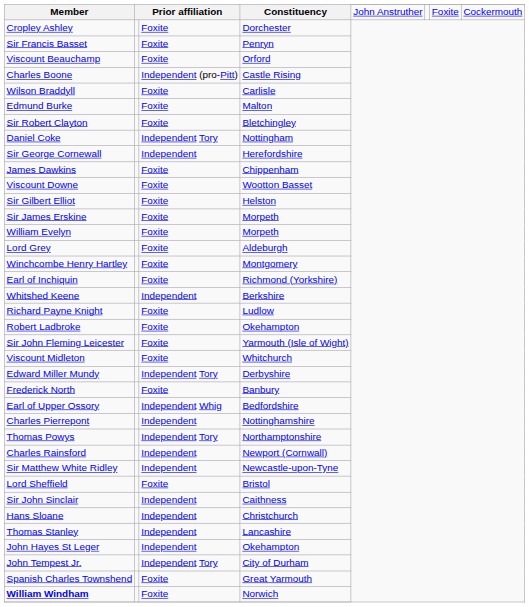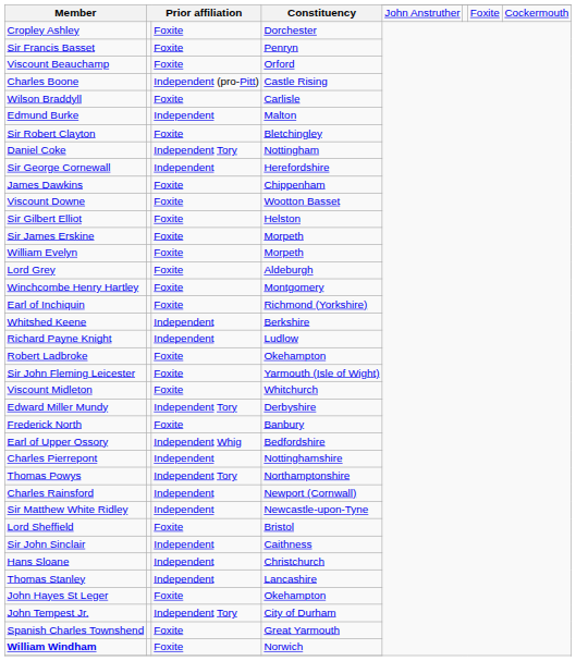 <table class="wikitable sortable col4center" id="elected-mps">
 <tr>
 <th rowspan=2>Member</th>
 <th rowspan=2 colspan=2>Prior affiliation</th>
 <th rowspan=2>Constituency</th>
 </tr>
 <tr>
 <td><a href='#'>John Anstruther</a></td>
 <td style="background-color: "></td>
 <td><a href='#'>Foxite</a></td>
 <td><a href='#'>Cockermouth</a></td>
 </tr>
 <tr>
 <td><a href='#'>Cropley Ashley</a></td>
 <td style="background-color: "></td>
 <td><a href='#'>Foxite</a></td>
 <td><a href='#'>Dorchester</a></td>
 </tr>
 <tr>
 <td><a href='#'>Sir Francis Basset</a></td>
 <td style="background-color: "></td>
 <td><a href='#'>Foxite</a></td>
 <td><a href='#'>Penryn</a></td>
 </tr>
 <tr>
 <td><a href='#'>Viscount Beauchamp</a></td>
 <td style="background-color: "></td>
 <td><a href='#'>Foxite</a></td>
 <td><a href='#'>Orford</a></td>
 </tr>
 <tr>
 <td><a href='#'>Charles Boone</a></td>
 <td style="background-color: "></td>
 <td><a href='#'>Independent</a> (pro-<a href='#'>Pitt</a>)</td>
 <td><a href='#'>Castle Rising</a></td>
 </tr>
 <tr>
 <td><a href='#'>Wilson Braddyll</a></td>
 <td style="background-color: "></td>
 <td><a href='#'>Foxite</a></td>
 <td><a href='#'>Carlisle</a></td>
 </tr>
 <tr>
 <td><a href='#'>Edmund Burke</a></td>
 <td style="background-color: "></td>
-<td><a href='#'>Foxite</a></td>
+<td><a href='#'>Independent</a></td>
 <td><a href='#'>Malton</a></td>
 </tr>
 <tr>
 <td><a href='#'>Sir Robert Clayton</a></td>
 <td style="background-color: "></td>
 <td><a href='#'>Foxite</a></td>
 <td><a href='#'>Bletchingley</a></td>
 </tr>
 <tr>
 <td><a href='#'>Daniel Coke</a></td>
 <td style="background-color: "></td>
 <td><a href='#'>Independent</a> <a href='#'>Tory</a></td>
 <td><a href='#'>Nottingham</a></td>
 </tr>
 <tr>
 <td><a href='#'>Sir George Cornewall</a></td>
 <td style="background-color: "></td>
 <td><a href='#'>Independent</a></td>
 <td><a href='#'>Herefordshire</a></td>
 </tr>
 <tr>
 <td><a href='#'>James Dawkins</a></td>
 <td style="background-color: "></td>
 <td><a href='#'>Foxite</a></td>
 <td><a href='#'>Chippenham</a></td>
 </tr>
 <tr>
 <td><a href='#'>Viscount Downe</a></td>
 <td style="background-color: "></td>
 <td><a href='#'>Foxite</a></td>
 <td><a href='#'>Wootton Basset</a></td>
 </tr>
 <tr>
 <td><a href='#'>Sir Gilbert Elliot</a></td>
 <td style="background-color: "></td>
 <td><a href='#'>Foxite</a></td>
 <td><a href='#'>Helston</a></td>
 </tr>
 <tr>
 <td><a href='#'>Sir James Erskine</a></td>
 <td style="background-color: "></td>
 <td><a href='#'>Foxite</a></td>
 <td><a href='#'>Morpeth</a></td>
 </tr>
 <tr>
 <td><a href='#'>William Evelyn</a></td>
 <td style="background-color: "></td>
 <td><a href='#'>Foxite</a></td>
 <td><a href='#'>Morpeth</a></td>
 </tr>
 <tr>
 <td><a href='#'>Lord Grey</a></td>
 <td style="background-color: "></td>
 <td><a href='#'>Foxite</a></td>
 <td><a href='#'>Aldeburgh</a></td>
 </tr>
 <tr>
 <td><a href='#'>Winchcombe Henry Hartley</a></td>
 <td style="background-color: "></td>
 <td><a href='#'>Foxite</a></td>
 <td><a href='#'>Montgomery</a></td>
 </tr>
 <tr>
 <td><a href='#'>Earl of Inchiquin</a></td>
 <td style="background-color: "></td>
 <td><a href='#'>Foxite</a></td>
 <td><a href='#'>Richmond (Yorkshire)</a></td>
 </tr>
 <tr>
 <td><a href='#'>Whitshed Keene</a></td>
 <td style="background-color: "></td>
 <td><a href='#'>Independent</a></td>
 <td><a href='#'>Berkshire</a></td>
 </tr>
 <tr>
 <td><a href='#'>Richard Payne Knight</a></td>
 <td style="background-color: "></td>
-<td><a href='#'>Foxite</a></td>
+<td><a href='#'>Independent</a></td>
 <td><a href='#'>Ludlow</a></td>
 </tr>
 <tr>
 <td><a href='#'>Robert Ladbroke</a></td>
 <td style="background-color: "></td>
 <td><a href='#'>Foxite</a></td>
 <td><a href='#'>Okehampton</a></td>
 </tr>
 <tr>
 <td><a href='#'>Sir John Fleming Leicester</a></td>
 <td style="background-color: "></td>
 <td><a href='#'>Foxite</a></td>
 <td><a href='#'>Yarmouth (Isle of Wight)</a></td>
 </tr>
 <tr>
 <td><a href='#'>Viscount Midleton</a></td>
 <td style="background-color: "></td>
 <td><a href='#'>Foxite</a></td>
 <td><a href='#'>Whitchurch</a></td>
 </tr>
 <tr>
 <td><a href='#'>Edward Miller Mundy</a></td>
 <td style="background-color: "></td>
 <td><a href='#'>Independent</a> <a href='#'>Tory</a></td>
 <td><a href='#'>Derbyshire</a></td>
 </tr>
 <tr>
 <td><a href='#'>Frederick North</a></td>
 <td style="background-color: "></td>
 <td><a href='#'>Foxite</a></td>
 <td><a href='#'>Banbury</a></td>
 </tr>
 <tr>
 <td><a href='#'>Earl of Upper Ossory</a></td>
 <td style="background-color: "></td>
 <td><a href='#'>Independent</a> <a href='#'>Whig</a></td>
 <td><a href='#'>Bedfordshire</a></td>
 </tr>
 <tr>
 <td><a href='#'>Charles Pierrepont</a></td>
 <td style="background-color: "></td>
 <td><a href='#'>Independent</a></td>
 <td><a href='#'>Nottinghamshire</a></td>
 </tr>
 <tr>
 <td><a href='#'>Thomas Powys</a></td>
 <td style="background-color: "></td>
 <td><a href='#'>Independent</a> <a href='#'>Tory</a></td>
 <td><a href='#'>Northamptonshire</a></td>
 </tr>
 <tr>
 <td><a href='#'>Charles Rainsford</a></td>
 <td style="background-color: "></td>
 <td><a href='#'>Independent</a></td>
 <td><a href='#'>Newport (Cornwall)</a></td>
 </tr>
 <tr>
 <td><a href='#'>Sir Matthew White Ridley</a></td>
 <td style="background-color: "></td>
 <td><a href='#'>Independent</a></td>
 <td><a href='#'>Newcastle-upon-Tyne</a></td>
 </tr>
 <tr>
 <td><a href='#'>Lord Sheffield</a></td>
 <td style="background-color: "></td>
 <td><a href='#'>Foxite</a></td>
 <td><a href='#'>Bristol</a></td>
 </tr>
 <tr>
 <td><a href='#'>Sir John Sinclair</a></td>
 <td style="background-color: "></td>
 <td><a href='#'>Independent</a></td>
 <td><a href='#'>Caithness</a></td>
 </tr>
 <tr>
 <td><a href='#'>Hans Sloane</a></td>
 <td style="background-color: "></td>
 <td><a href='#'>Independent</a></td>
 <td><a href='#'>Christchurch</a></td>
 </tr>
 <tr>
 <td><a href='#'>Thomas Stanley</a></td>
 <td style="background-color: "></td>
 <td><a href='#'>Independent</a></td>
 <td><a href='#'>Lancashire</a></td>
 </tr>
 <tr>
 <td><a href='#'>John Hayes St Leger</a></td>
 <td style="background-color: "></td>
-<td><a href='#'>Independent</a></td>
+<td><a href='#'>Foxite</a></td>
 <td><a href='#'>Okehampton</a></td>
 </tr>
 <tr>
 <td><a href='#'>John Tempest Jr.</a></td>
 <td style="background-color: "></td>
 <td><a href='#'>Independent</a> <a href='#'>Tory</a></td>
 <td><a href='#'>City of Durham</a></td>
 </tr>
 <tr>
 <td><a href='#'>Spanish Charles Townshend</a></td>
 <td style="background-color: "></td>
 <td><a href='#'>Foxite</a></td>
 <td><a href='#'>Great Yarmouth</a></td>
 </tr>
 <tr>
 <td><strong><a href='#'>William Windham</a></strong></td>
 <td style="background-color: "></td>
 <td><a href='#'>Foxite</a></td>
 <td><a href='#'>Norwich</a></td>
 </tr>
 <tr>
 </tr>
 </table>
